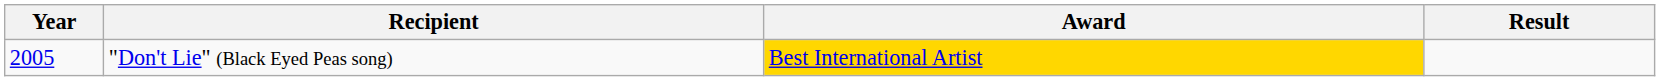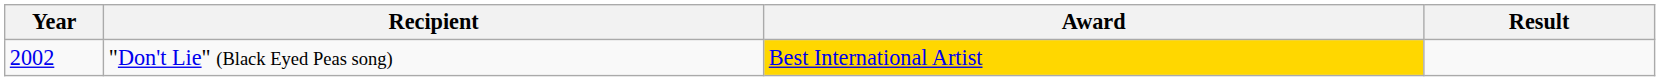 <table style="width: 75%;" class="wikitable">
 <tr>
 <th style="width:6%;">Year</th>
 <th style="width:40%;">Recipient</th>
 <th style="width:40%;">Award</th>
 <th style="width:14%;">Result</th>
 </tr>
 <tr>
-<td><a href='#'>2005</a></td>
+<td><a href='#'>2002</a></td>
 <td>"<a href='#'>Don't Lie</a>" <small>(Black Eyed Peas song)</small></td>
 <td style="background: gold;"><a href='#'>Best International Artist</a></td>
 <td></td>
 </tr>
 </table>
